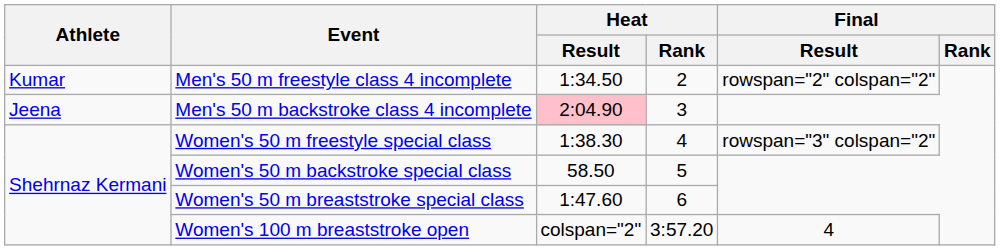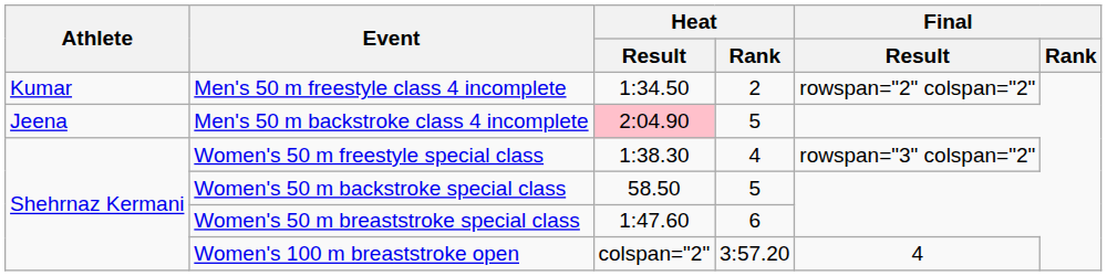 <table class=wikitable style="font-size:90%">
 <tr>
 <th rowspan="2">Athlete</th>
 <th rowspan="2">Event</th>
 <th colspan="2">Heat</th>
 <th colspan="2">Final</th>
 </tr>
 <tr>
 <th>Result</th>
 <th>Rank</th>
 <th>Result</th>
 <th>Rank</th>
 </tr>
 <tr>
 <td><a href='#'>Kumar</a></td>
 <td><a href='#'>Men's 50 m freestyle class 4 incomplete</a></td>
 <td style="text-align:center;">1:34.50</td>
 <td style="text-align:center;">2</td>
 <td>rowspan="2" colspan="2" </td>
 </tr>
 <tr>
 <td><a href='#'>Jeena</a></td>
 <td><a href='#'>Men's 50 m backstroke class 4 incomplete</a></td>
 <td style="background: pink; text-align:center;">2:04.90</td>
-<td style="text-align:center;">3</td>
+<td style="text-align:center;">5</td>
 </tr>
 <tr>
 <td rowspan="4"><a href='#'>Shehrnaz Kermani</a></td>
 <td><a href='#'>Women's 50 m freestyle special class</a></td>
 <td style="text-align:center;">1:38.30</td>
 <td style="text-align:center;">4</td>
 <td>rowspan="3" colspan="2" </td>
 </tr>
 <tr>
 <td><a href='#'>Women's 50 m backstroke special class</a></td>
 <td style="text-align:center;">58.50</td>
 <td style="text-align:center;">5</td>
 </tr>
 <tr>
 <td><a href='#'>Women's 50 m breaststroke special class</a></td>
 <td style="text-align:center;">1:47.60</td>
 <td style="text-align:center;">6</td>
 </tr>
 <tr>
 <td><a href='#'>Women's 100 m breaststroke open</a></td>
 <td>colspan="2" </td>
 <td style="text-align:center;">3:57.20</td>
 <td style="text-align:center;">4</td>
 </tr>
 </table>
